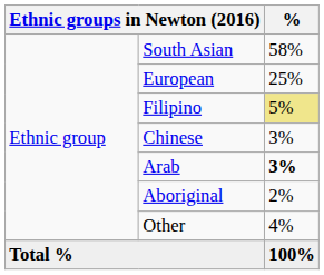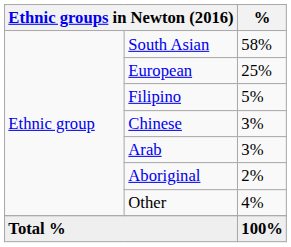 <table class="wikitable">
 <tr>
 <th colspan=2><a href='#'>Ethnic groups</a> in Newton (2016)<br></th>
 <th>%</th>
 </tr>
 <tr>
 <td rowspan=7><a href='#'>Ethnic group</a></td>
 <td><a href='#'>South Asian</a></td>
 <td>58%</td>
 </tr>
 <tr>
 <td><a href='#'>European</a></td>
 <td>25%</td>
 </tr>
 <tr>
 <td><a href='#'>Filipino</a></td>
-<td style="background: khaki;">5%</td>
+<td>5%</td>
 </tr>
 <tr>
 <td><a href='#'>Chinese</a></td>
 <td>3%</td>
 </tr>
 <tr>
 <td><a href='#'>Arab</a></td>
-<td><strong>3%</strong></td>
+<td>3%</td>
 </tr>
 <tr>
 <td><a href='#'>Aboriginal</a></td>
 <td>2%</td>
 </tr>
 <tr>
 <td>Other</td>
 <td>4%</td>
 </tr>
 <tr>
 </tr>
 <tr style="background:#efefef; font-weight:bold">
 <td colspan=2>Total %</td>
 <td>100%</td>
 </tr>
 </table>
